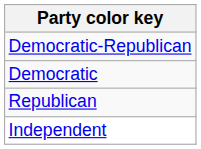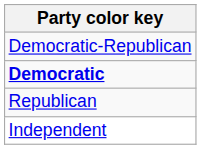 <table class=wikitable>
 <tr>
 <th>Party color key</th>
 </tr>
 <tr>
 <td><a href='#'>Democratic-Republican</a></td>
 </tr>
 <tr>
-<td><a href='#'>Democratic</a></td>
+<td><strong><a href='#'>Democratic</a></strong></td>
 </tr>
 <tr>
 <td><a href='#'>Republican</a></td>
 </tr>
 <tr bgcolor=#FFFFFF>
 <td><a href='#'>Independent</a></td>
 </tr>
 </table>
